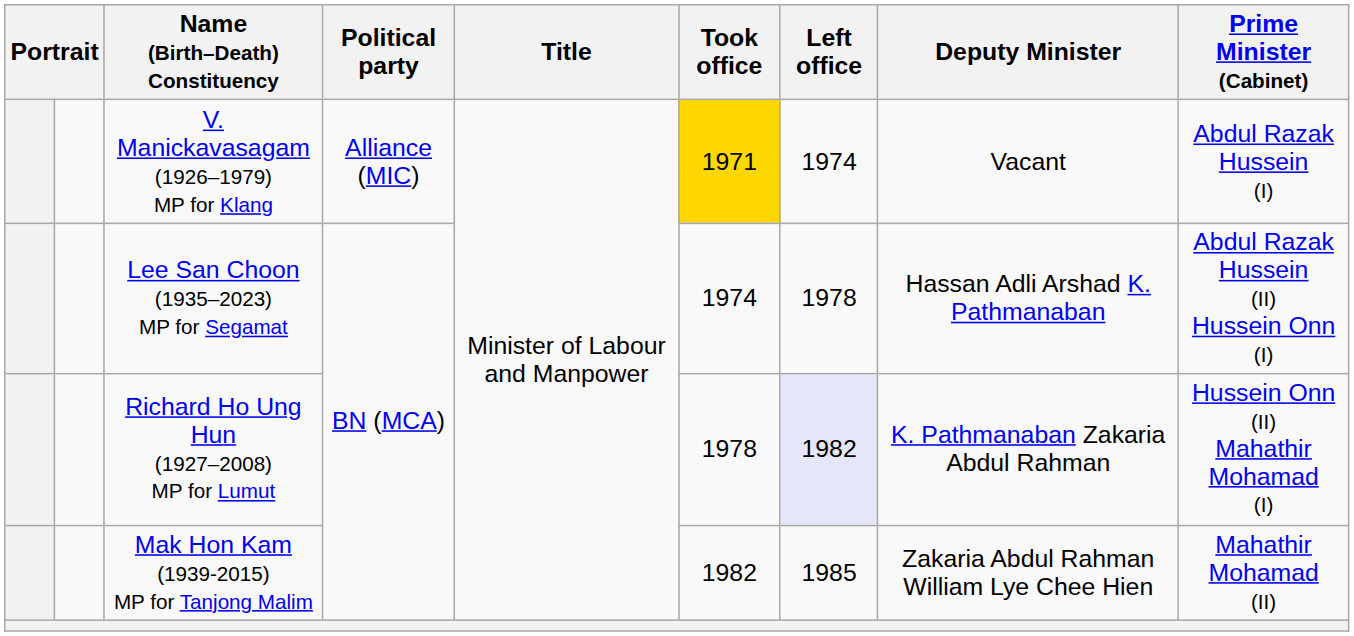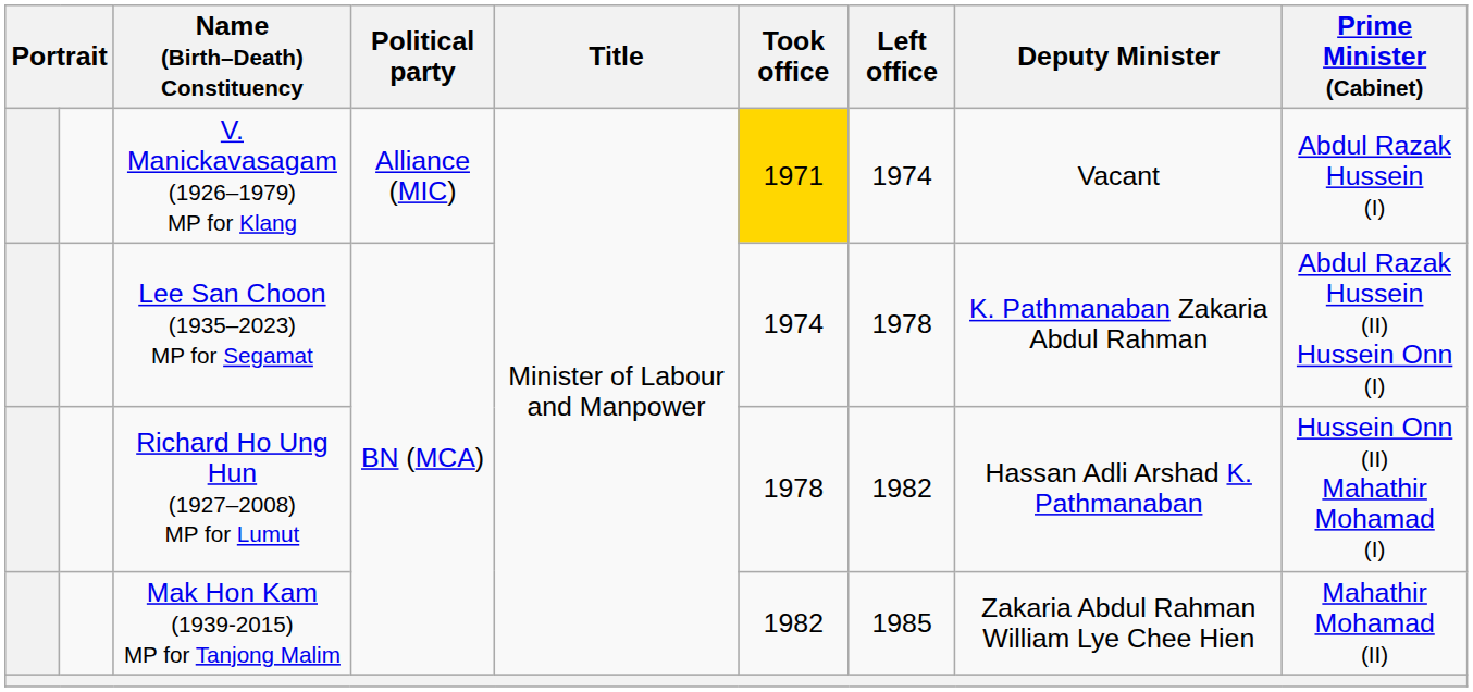 <table class="wikitable" style="text-align:center;">
 <tr>
 <th colspan=2>Portrait</th>
 <th>Name<br><small>(Birth–Death)<br>Constituency</small></th>
 <th>Political party</th>
 <th>Title</th>
 <th>Took office</th>
 <th>Left office</th>
 <th>Deputy Minister</th>
 <th><a href='#'>Prime Minister</a><br><small>(Cabinet)</small></th>
 </tr>
 <tr>
 <th style="background:"></th>
 <td></td>
 <td><a href='#'>V. Manickavasagam</a><br><small>(1926–1979)<br>MP for <a href='#'>Klang</a></small></td>
 <td><a href='#'>Alliance</a> (<a href='#'>MIC</a>)</td>
 <td rowspan=4>Minister of Labour and Manpower</td>
 <td style="background: gold;">1971</td>
 <td>1974</td>
 <td>Vacant</td>
 <td><a href='#'>Abdul Razak Hussein</a><br><small>(I)</small></td>
 </tr>
 <tr>
 <th style="background:"></th>
 <td></td>
 <td><a href='#'>Lee San Choon</a><br><small>(1935–2023)<br>MP for <a href='#'>Segamat</a></small></td>
 <td rowspan="3"><a href='#'>BN</a> (<a href='#'>MCA</a>)</td>
 <td>1974</td>
 <td>1978</td>
-<td>Hassan Adli Arshad   <a href='#'>K. Pathmanaban</a> </td>
+<td><a href='#'>K. Pathmanaban</a>  Zakaria Abdul Rahman </td>
 <td><a href='#'>Abdul Razak Hussein</a><br><small>(II)</small><br><a href='#'>Hussein Onn</a><br><small>(I)</small></td>
 </tr>
 <tr>
 <th style="background:"></th>
 <td></td>
 <td><a href='#'>Richard Ho Ung Hun</a><br><small>(1927–2008)<br>MP for <a href='#'>Lumut</a></small></td>
 <td>1978</td>
-<td style="background: lavender;">1982</td>
-<td><a href='#'>K. Pathmanaban</a>  Zakaria Abdul Rahman </td>
+<td>1982</td>
+<td>Hassan Adli Arshad   <a href='#'>K. Pathmanaban</a> </td>
 <td><a href='#'>Hussein Onn</a><br><small>(II)</small><br><a href='#'>Mahathir Mohamad</a><br><small>(I)</small></td>
 </tr>
 <tr>
 <th style="background:"></th>
 <td></td>
 <td><a href='#'>Mak Hon Kam</a><br><small>(1939-2015)<br>MP for <a href='#'>Tanjong Malim</a></small></td>
 <td>1982</td>
 <td>1985</td>
 <td>Zakaria Abdul Rahman William Lye Chee Hien </td>
 <td><a href='#'>Mahathir Mohamad</a><br><small>(II)</small></td>
 </tr>
 <tr>
 <th colspan="9" bgcolor="cccccc"></th>
 </tr>
 </table>
